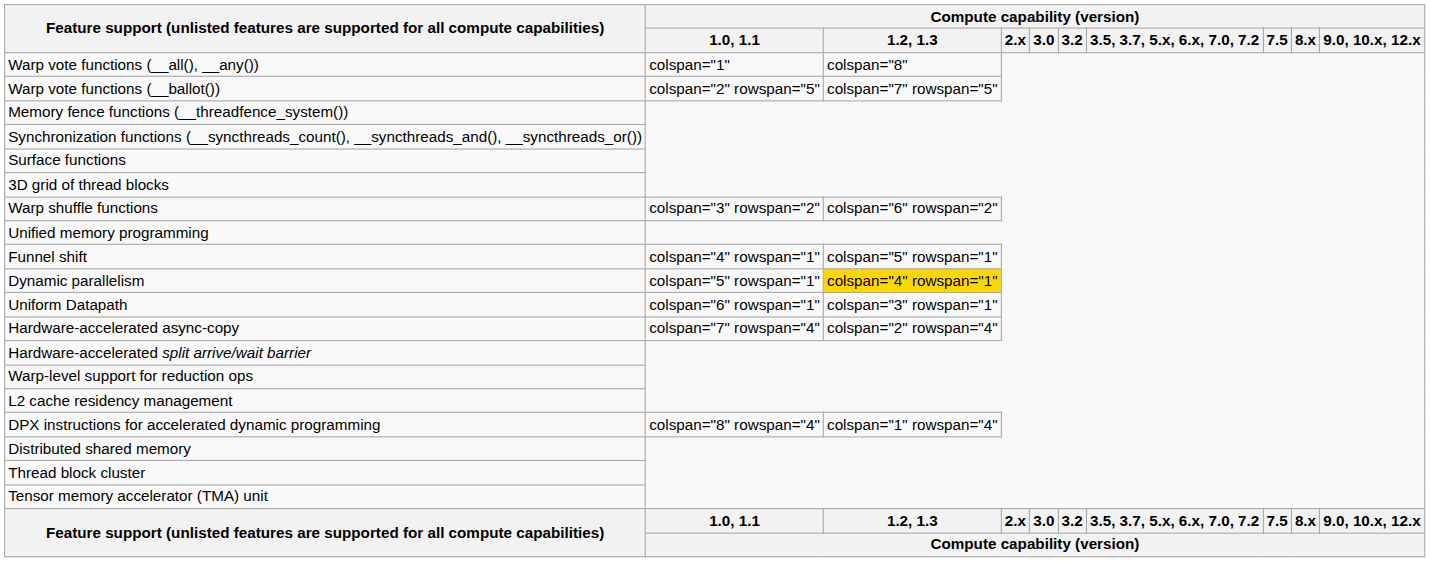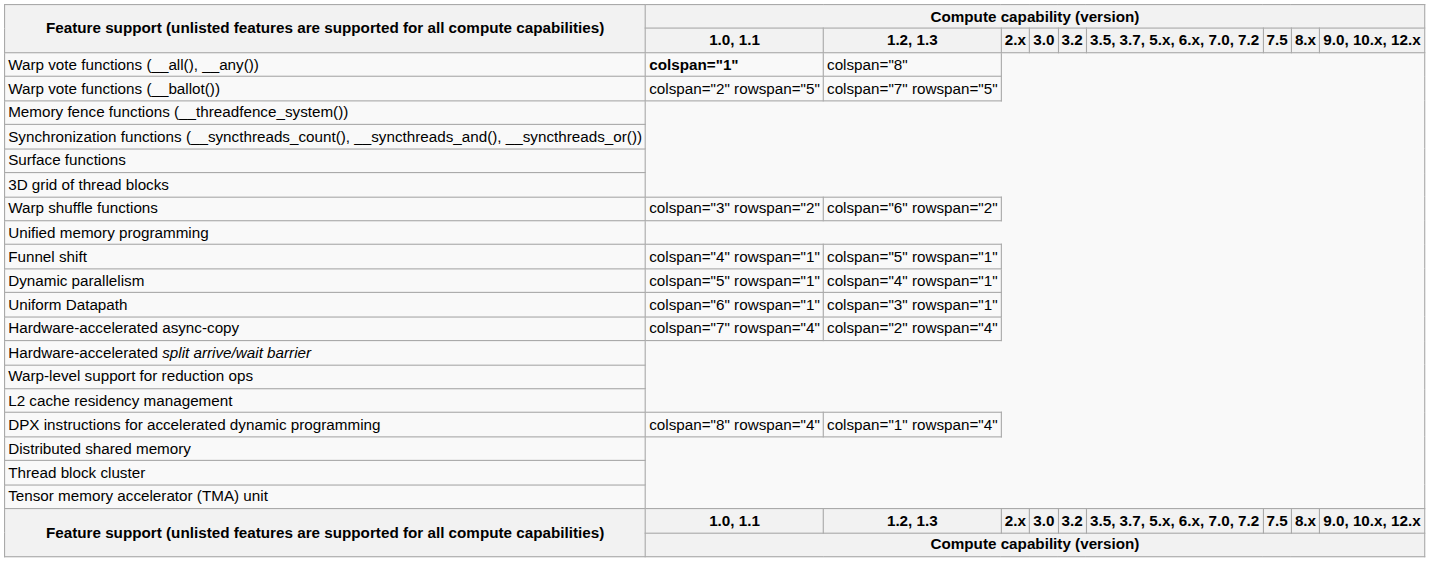 <table class="wikitable" style="font-size:85%;">
 <tr>
 <th rowspan=2>Feature support (unlisted features are supported for all compute capabilities)</th>
 <th colspan="14">Compute capability (version)</th>
 </tr>
 <tr>
 <th>1.0, 1.1</th>
 <th>1.2, 1.3</th>
 <th>2.x</th>
 <th>3.0</th>
 <th>3.2</th>
 <th>3.5, 3.7, 5.x, 6.x, 7.0, 7.2</th>
 <th>7.5</th>
 <th>8.x</th>
 <th>9.0, 10.x, 12.x</th>
 </tr>
 <tr>
 <td>Warp vote functions (__all(), __any())</td>
-<td>colspan="1" </td>
+<td><strong>colspan="1" </strong></td>
 <td>colspan="8" </td>
 </tr>
 <tr>
 <td>Warp vote functions (__ballot())</td>
 <td>colspan="2" rowspan="5" </td>
 <td>colspan="7" rowspan="5" </td>
 </tr>
 <tr>
 <td>Memory fence functions (__threadfence_system())</td>
 </tr>
 <tr>
 <td>Synchronization functions (__syncthreads_count(), __syncthreads_and(), __syncthreads_or())</td>
 </tr>
 <tr>
 <td>Surface functions</td>
 </tr>
 <tr>
 <td>3D grid of thread blocks</td>
 </tr>
 <tr>
 <td>Warp shuffle functions</td>
 <td>colspan="3" rowspan="2" </td>
 <td>colspan="6" rowspan="2" </td>
 </tr>
 <tr>
 <td>Unified memory programming</td>
 </tr>
 <tr>
 <td>Funnel shift</td>
 <td>colspan="4" rowspan="1" </td>
 <td>colspan="5" rowspan="1" </td>
 </tr>
 <tr>
 <td>Dynamic parallelism</td>
 <td>colspan="5" rowspan="1" </td>
-<td style="background: gold;">colspan="4" rowspan="1" </td>
+<td>colspan="4" rowspan="1" </td>
 </tr>
 <tr>
 <td>Uniform Datapath</td>
 <td>colspan="6" rowspan="1" </td>
 <td>colspan="3" rowspan="1" </td>
 </tr>
 <tr>
 <td>Hardware-accelerated async-copy</td>
 <td>colspan="7" rowspan="4" </td>
 <td>colspan="2" rowspan="4" </td>
 </tr>
 <tr>
 <td>Hardware-accelerated <em>split arrive/wait barrier</em></td>
 </tr>
 <tr>
 <td>Warp-level support for reduction ops</td>
 </tr>
 <tr>
 <td>L2 cache residency management</td>
 </tr>
 <tr>
 <td>DPX instructions for accelerated dynamic programming</td>
 <td>colspan="8" rowspan="4" </td>
 <td>colspan="1" rowspan="4" </td>
 </tr>
 <tr>
 <td>Distributed shared memory</td>
 </tr>
 <tr>
 <td>Thread block cluster</td>
 </tr>
 <tr>
 <td>Tensor memory accelerator (TMA) unit</td>
 </tr>
 <tr>
 <th rowspan="2">Feature support (unlisted features are supported for all compute capabilities)</th>
 <th>1.0, 1.1</th>
 <th>1.2, 1.3</th>
 <th>2.x</th>
 <th>3.0</th>
 <th>3.2</th>
 <th>3.5, 3.7, 5.x, 6.x, 7.0, 7.2</th>
 <th>7.5</th>
 <th>8.x</th>
 <th>9.0, 10.x, 12.x</th>
 </tr>
 <tr>
 <th colspan="14">Compute capability (version)</th>
 </tr>
 </table>
